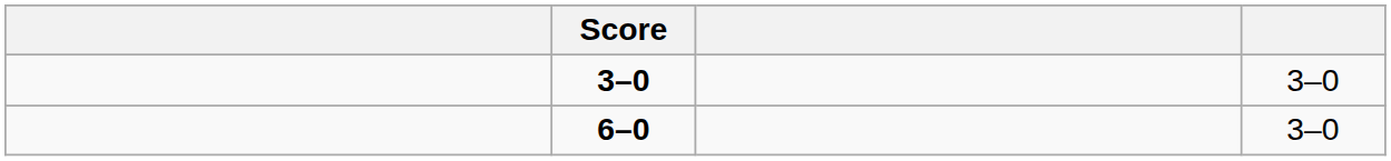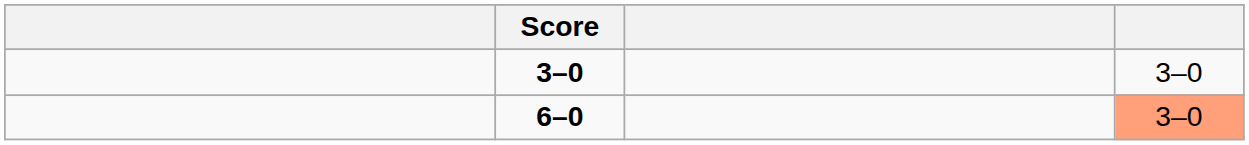 <table class="wikitable" style="text-align: center; ">
 <tr>
 <th align="right" width="270"></th>
 <th width="65">Score</th>
 <th align="left" width="270"></th>
 <th width="65"></th>
 </tr>
 <tr>
 <td align="left"><strong></strong></td>
 <td><strong>3–0</strong></td>
 <td align="left"></td>
 <td>3–0 <strong></strong></td>
 </tr>
 <tr>
 <td align="left"><strong></strong></td>
 <td><strong>6–0</strong></td>
 <td align="left"></td>
-<td>3–0 <strong></strong></td>
+<td style="background: lightsalmon;">3–0 <strong></strong></td>
 </tr>
 </table>
